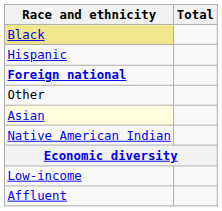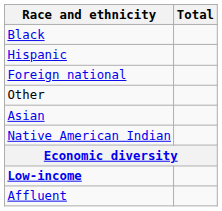 <table class="wikitable floatright sortable collapsible"; text-align:right; font-size:80%;">
 <tr>
 <th>Race and ethnicity</th>
 <th colspan="2" data-sort-type=number>Total</th>
 </tr>
 <tr>
-<td style="background: khaki;"><a href='#'>Black</a></td>
+<td><a href='#'>Black</a></td>
 <td align=right></td>
 </tr>
 <tr>
 <td><a href='#'>Hispanic</a></td>
 <td align=right></td>
 </tr>
 <tr>
-<td><strong><a href='#'>Foreign national</a></strong></td>
+<td><a href='#'>Foreign national</a></td>
 <td align=right></td>
 </tr>
 <tr>
 <td>Other</td>
 <td align=right></td>
 </tr>
 <tr>
-<td style="background: lightyellow;"><a href='#'>Asian</a></td>
+<td><a href='#'>Asian</a></td>
 <td align=right></td>
 </tr>
 <tr>
 <td><a href='#'>Native American Indian</a></td>
 <td align=right></td>
 </tr>
 <tr>
 <th colspan="4" data-sort-type=number><a href='#'>Economic diversity</a></th>
 </tr>
 <tr>
-<td><a href='#'>Low-income</a></td>
+<td><strong><a href='#'>Low-income</a></strong></td>
 <td align=right></td>
 </tr>
 <tr>
 <td><a href='#'>Affluent</a></td>
 <td align=right></td>
 </tr>
 </table>
